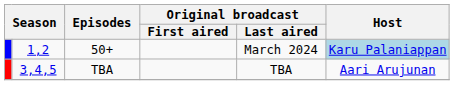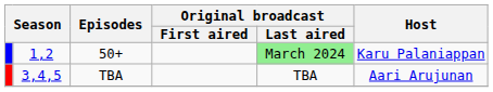 <table class="wikitable" style="text-align:center">
 <tr>
 <th style="padding: 0 8px" colspan="2" rowspan="2">Season</th>
 <th style="padding: 0 8px" rowspan="2">Episodes</th>
 <th colspan="2">Original broadcast</th>
 <th rowspan="2">Host</th>
 </tr>
 <tr>
 <th style="padding: 0 8px">First aired</th>
 <th style="padding: 0 8px">Last aired</th>
 </tr>
 <tr>
 <td style="background:Blue"></td>
 <td align="center"><a href='#'>1,2</a></td>
 <td>50+</td>
 <td align="center"></td>
-<td>March 2024</td>
-<td style="background: lightblue;"><a href='#'>Karu Palaniappan</a></td>
+<td style="background: lightgreen;">March 2024</td>
+<td><a href='#'>Karu Palaniappan</a></td>
 </tr>
 <tr>
 <td style="background:Red"></td>
 <td align="center"><a href='#'>3,4,5</a></td>
 <td>TBA</td>
 <td align="center"></td>
 <td>TBA</td>
 <td><a href='#'>Aari Arujunan</a></td>
 </tr>
 <tr>
 </tr>
 </table>
